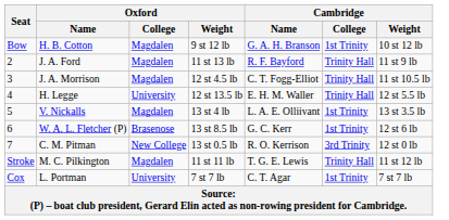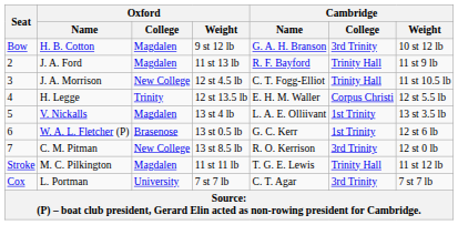 <table class="wikitable">
 <tr>
 <th rowspan="2" scope="col">Seat</th>
 <th colspan="3" scope="col">Oxford <br> </th>
 <th colspan="3" scope="col">Cambridge <br> </th>
 </tr>
 <tr>
 <th>Name</th>
 <th>College</th>
 <th>Weight</th>
 <th>Name</th>
 <th>College</th>
 <th>Weight</th>
 </tr>
 <tr>
 <td><a href='#'>Bow</a></td>
 <td><a href='#'>H. B. Cotton</a></td>
 <td><a href='#'>Magdalen</a></td>
 <td>9 st 12 lb</td>
 <td><a href='#'>G. A. H. Branson</a></td>
-<td><a href='#'>1st Trinity</a></td>
+<td><a href='#'>3rd Trinity</a></td>
 <td>10 st 12 lb</td>
 </tr>
 <tr>
 <td>2</td>
 <td>J. A. Ford</td>
 <td><a href='#'>Magdalen</a></td>
 <td>11 st 13 lb</td>
 <td><a href='#'>R. F. Bayford</a></td>
 <td><a href='#'>Trinity Hall</a></td>
 <td>11 st 9 lb</td>
 </tr>
 <tr>
 <td>3</td>
 <td>J. A. Morrison</td>
-<td><a href='#'>Magdalen</a></td>
+<td><a href='#'>New College</a></td>
 <td>12 st 4.5 lb</td>
 <td>C. T. Fogg-Elliot</td>
 <td><a href='#'>Trinity Hall</a></td>
 <td>11 st 10.5 lb</td>
 </tr>
 <tr>
 <td>4</td>
 <td>H. Legge</td>
-<td><a href='#'>University</a></td>
+<td><a href='#'>Trinity</a></td>
 <td>12 st 13.5 lb</td>
 <td>E. H. M. Waller</td>
-<td><a href='#'>Trinity Hall</a></td>
+<td><a href='#'>Corpus Christi</a></td>
 <td>12 st 5.5 lb</td>
 </tr>
 <tr>
 <td>5</td>
 <td><a href='#'>V. Nickalls</a></td>
 <td><a href='#'>Magdalen</a></td>
 <td>13 st 4 lb</td>
 <td>L. A. E. Olliivant</td>
 <td><a href='#'>1st Trinity</a></td>
 <td>13 st 3.5 lb</td>
 </tr>
 <tr>
 <td>6</td>
 <td><a href='#'>W. A. L. Fletcher</a> (P)</td>
 <td><a href='#'>Brasenose</a></td>
-<td>13 st 8.5 lb</td>
+<td>13 st 0.5 lb</td>
 <td>G. C. Kerr</td>
 <td><a href='#'>1st Trinity</a></td>
 <td>12 st 6 lb</td>
 </tr>
 <tr>
 <td>7</td>
 <td>C. M. Pitman</td>
 <td><a href='#'>New College</a></td>
-<td>13 st 0.5 lb</td>
+<td>13 st 8.5 lb</td>
 <td>R. O. Kerrison</td>
 <td><a href='#'>3rd Trinity</a></td>
 <td>12 st 0 lb</td>
 </tr>
 <tr>
 <td><a href='#'>Stroke</a></td>
 <td>M. C. Pilkington</td>
 <td><a href='#'>Magdalen</a></td>
 <td>11 st 11 lb</td>
 <td>T. G. E. Lewis</td>
 <td><a href='#'>Trinity Hall</a></td>
 <td>11 st 12 lb</td>
 </tr>
 <tr>
 <td><a href='#'>Cox</a></td>
 <td>L. Portman</td>
 <td><a href='#'>University</a></td>
 <td>7 st 7 lb</td>
 <td>C. T. Agar</td>
-<td><a href='#'>1st Trinity</a></td>
+<td><a href='#'>3rd Trinity</a></td>
 <td>7 st 7 lb</td>
 </tr>
 <tr>
 <th colspan="7">Source:<br>(P) – boat club president, Gerard Elin acted as non-rowing president for Cambridge.<br></th>
 </tr>
 </table>
